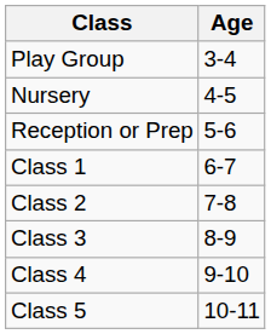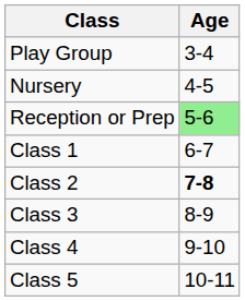 <table class="wikitable">
 <tr>
 <th>Class</th>
 <th>Age</th>
 </tr>
 <tr>
 <td>Play Group</td>
 <td>3-4</td>
 </tr>
 <tr>
 <td>Nursery</td>
 <td>4-5</td>
 </tr>
 <tr>
 <td>Reception or Prep</td>
-<td>5-6</td>
+<td style="background: lightgreen;">5-6</td>
 </tr>
 <tr>
 <td>Class 1</td>
 <td>6-7</td>
 </tr>
 <tr>
 <td>Class 2</td>
-<td>7-8</td>
+<td><strong>7-8</strong></td>
 </tr>
 <tr>
 <td>Class 3</td>
 <td>8-9</td>
 </tr>
 <tr>
 <td>Class 4</td>
 <td>9-10</td>
 </tr>
 <tr>
 <td>Class 5</td>
 <td>10-11</td>
 </tr>
 </table>
